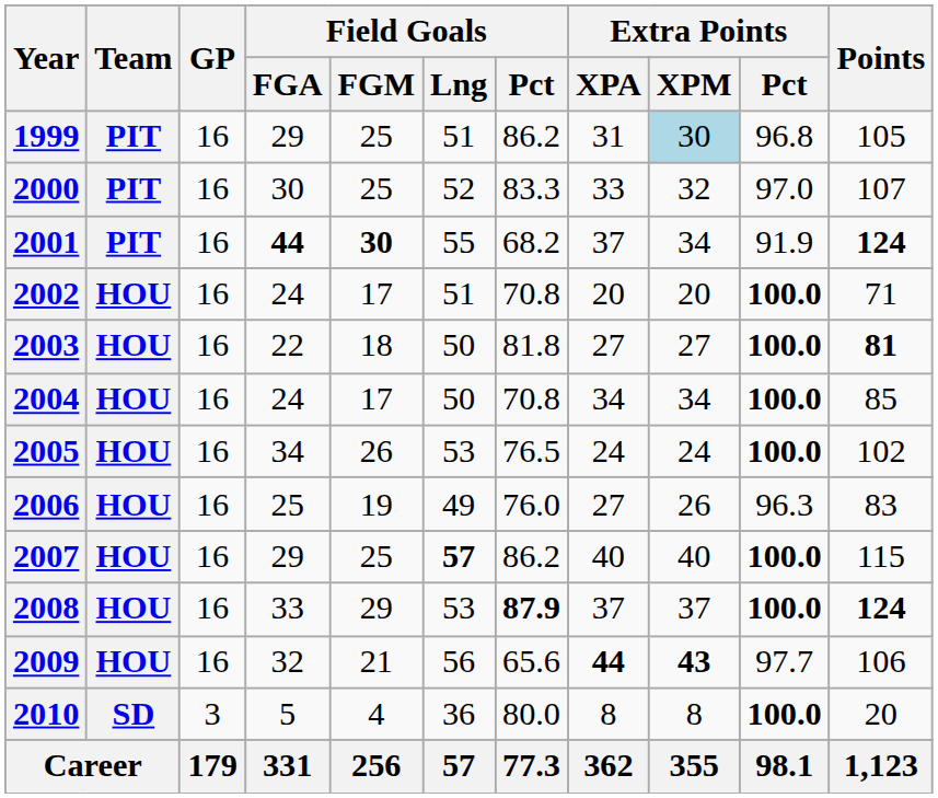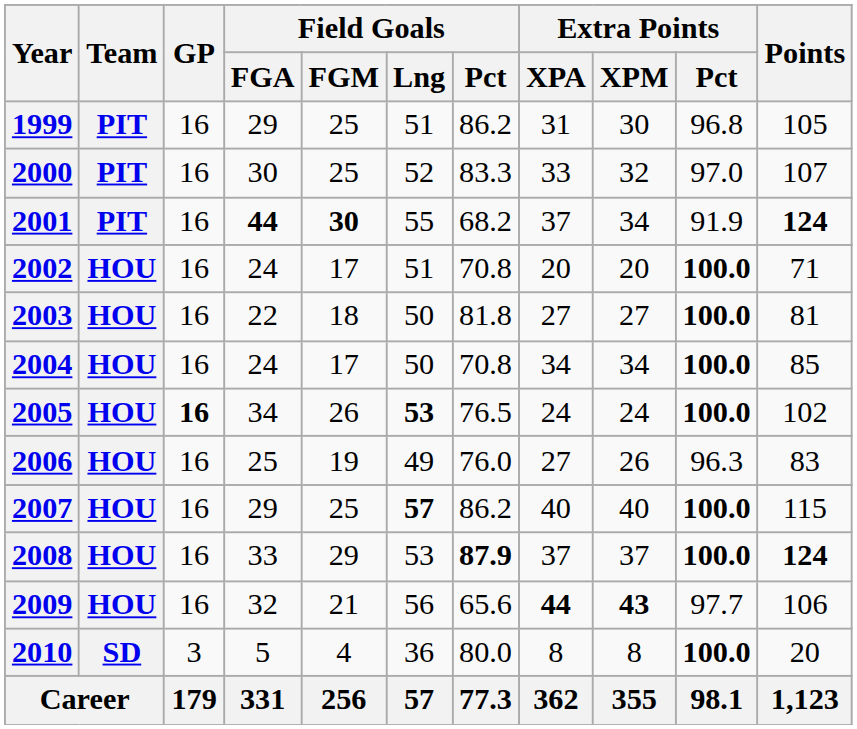 <table class="wikitable" style="text-align:center;">
 <tr>
 <th rowspan="2">Year</th>
 <th rowspan="2">Team</th>
 <th rowspan="2">GP</th>
 <th colspan="4">Field Goals</th>
 <th colspan="3">Extra Points</th>
 <th rowspan="2">Points</th>
 </tr>
 <tr>
 <th>FGA</th>
 <th>FGM</th>
 <th>Lng</th>
 <th>Pct</th>
 <th>XPA</th>
 <th>XPM</th>
 <th>Pct</th>
 </tr>
 <tr>
 <th><a href='#'>1999</a></th>
 <th><a href='#'>PIT</a></th>
 <td>16</td>
 <td>29</td>
 <td>25</td>
 <td>51</td>
 <td>86.2</td>
 <td>31</td>
-<td style="background: lightblue;">30</td>
+<td>30</td>
 <td>96.8</td>
 <td>105</td>
 </tr>
 <tr>
 <th><a href='#'>2000</a></th>
 <th><a href='#'>PIT</a></th>
 <td>16</td>
 <td>30</td>
 <td>25</td>
 <td>52</td>
 <td>83.3</td>
 <td>33</td>
 <td>32</td>
 <td>97.0</td>
 <td>107</td>
 </tr>
 <tr>
 <th><a href='#'>2001</a></th>
 <th><a href='#'>PIT</a></th>
 <td>16</td>
 <td><strong>44</strong></td>
 <td><strong>30</strong></td>
 <td>55</td>
 <td>68.2</td>
 <td>37</td>
 <td>34</td>
 <td>91.9</td>
 <td><strong>124</strong></td>
 </tr>
 <tr>
 <th><a href='#'>2002</a></th>
 <th><a href='#'>HOU</a></th>
 <td>16</td>
 <td>24</td>
 <td>17</td>
 <td>51</td>
 <td>70.8</td>
 <td>20</td>
 <td>20</td>
 <td><strong>100.0</strong></td>
 <td>71</td>
 </tr>
 <tr>
 <th><a href='#'>2003</a></th>
 <th><a href='#'>HOU</a></th>
 <td>16</td>
 <td>22</td>
 <td>18</td>
 <td>50</td>
 <td>81.8</td>
 <td>27</td>
 <td>27</td>
 <td><strong>100.0</strong></td>
-<td><strong>81</strong></td>
+<td>81</td>
 </tr>
 <tr>
 <th><a href='#'>2004</a></th>
 <th><a href='#'>HOU</a></th>
 <td>16</td>
 <td>24</td>
 <td>17</td>
 <td>50</td>
 <td>70.8</td>
 <td>34</td>
 <td>34</td>
 <td><strong>100.0</strong></td>
 <td>85</td>
 </tr>
 <tr>
 <th><a href='#'>2005</a></th>
 <th><a href='#'>HOU</a></th>
-<td>16</td>
+<td><strong>16</strong></td>
 <td>34</td>
 <td>26</td>
-<td>53</td>
+<td><strong>53</strong></td>
 <td>76.5</td>
 <td>24</td>
 <td>24</td>
 <td><strong>100.0</strong></td>
 <td>102</td>
 </tr>
 <tr>
 <th><a href='#'>2006</a></th>
 <th><a href='#'>HOU</a></th>
 <td>16</td>
 <td>25</td>
 <td>19</td>
 <td>49</td>
 <td>76.0</td>
 <td>27</td>
 <td>26</td>
 <td>96.3</td>
 <td>83</td>
 </tr>
 <tr>
 <th><a href='#'>2007</a></th>
 <th><a href='#'>HOU</a></th>
 <td>16</td>
 <td>29</td>
 <td>25</td>
 <td><strong>57</strong></td>
 <td>86.2</td>
 <td>40</td>
 <td>40</td>
 <td><strong>100.0</strong></td>
 <td>115</td>
 </tr>
 <tr>
 <th><a href='#'>2008</a></th>
 <th><a href='#'>HOU</a></th>
 <td>16</td>
 <td>33</td>
 <td>29</td>
 <td>53</td>
 <td><strong>87.9</strong></td>
 <td>37</td>
 <td>37</td>
 <td><strong>100.0</strong></td>
 <td><strong>124</strong></td>
 </tr>
 <tr>
 <th><a href='#'>2009</a></th>
 <th><a href='#'>HOU</a></th>
 <td>16</td>
 <td>32</td>
 <td>21</td>
 <td>56</td>
 <td>65.6</td>
 <td><strong>44</strong></td>
 <td><strong>43</strong></td>
 <td>97.7</td>
 <td>106</td>
 </tr>
 <tr>
 <th><a href='#'>2010</a></th>
 <th><a href='#'>SD</a></th>
 <td>3</td>
 <td>5</td>
 <td>4</td>
 <td>36</td>
 <td>80.0</td>
 <td>8</td>
 <td>8</td>
 <td><strong>100.0</strong></td>
 <td>20</td>
 </tr>
 <tr>
 <th colspan="2">Career</th>
 <th>179</th>
 <th>331</th>
 <th>256</th>
 <th>57</th>
 <th>77.3</th>
 <th>362</th>
 <th>355</th>
 <th>98.1</th>
 <th>1,123</th>
 </tr>
 </table>
